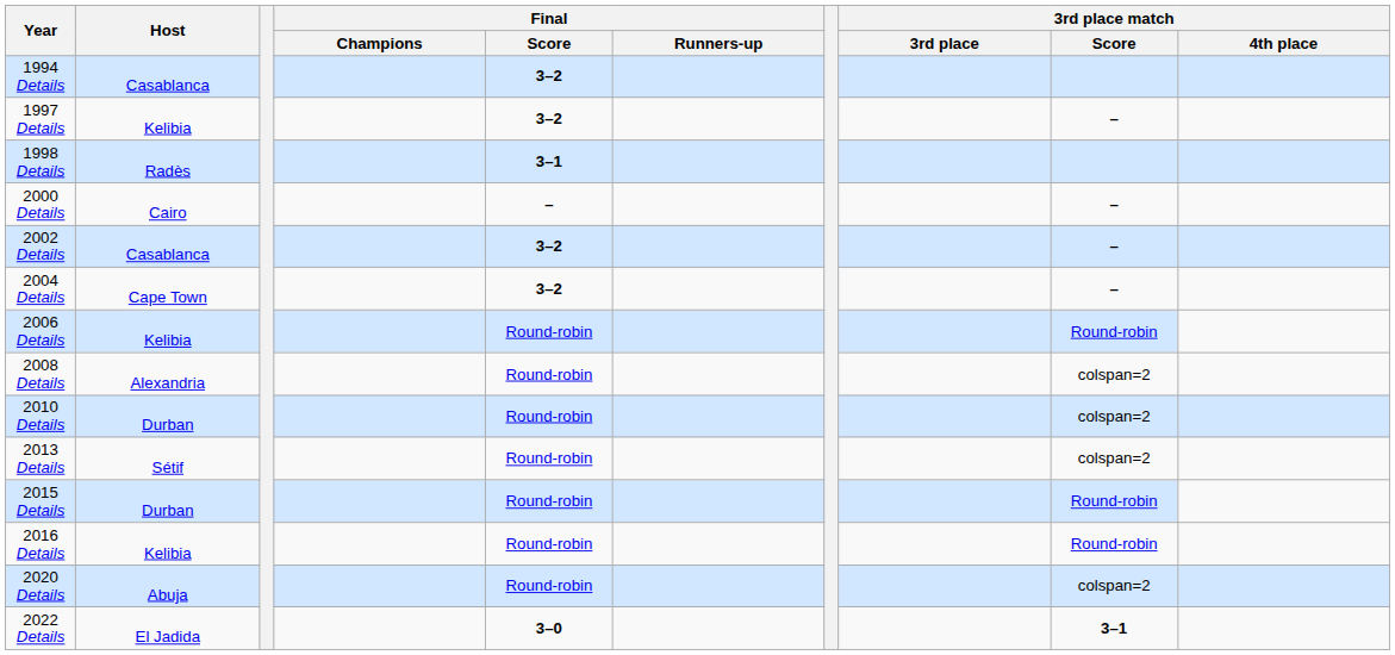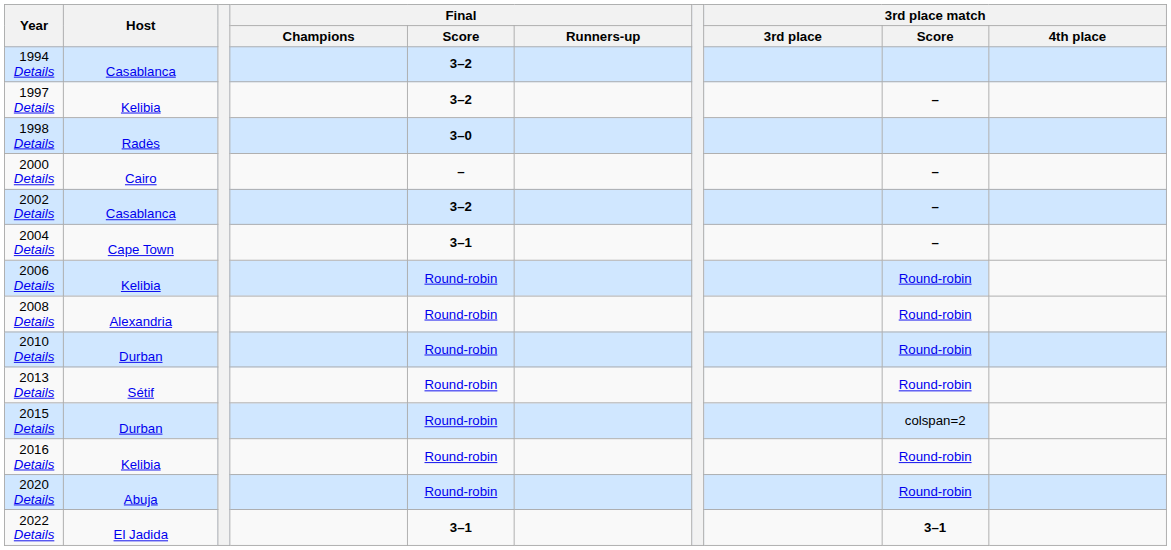 <table class="wikitable" style="font-size:90%; width:100%; text-align:center;">
 <tr bgcolor=#c1d8ff>
 <th rowspan=2 width=5%>Year</th>
 <th rowspan=2 width=13%>Host</th>
 <th width=1% rowspan=16 bgcolor=#ffffff></th>
 <th colspan=3>Final</th>
 <th width=1% rowspan=16 bgcolor=#ffffff></th>
 <th colspan=3>3rd place match</th>
 </tr>
 <tr bgcolor=#efefef>
 <th width=15%>Champions</th>
 <th width=9%>Score</th>
 <th width=15%>Runners-up</th>
 <th width=15%>3rd place</th>
 <th width=9%>Score</th>
 <th width=15%>4th place</th>
 </tr>
 <tr bgcolor=#d0e7ff>
 <td>1994<br><em><a href='#'>Details</a></em></td>
 <td><br><a href='#'>Casablanca</a></td>
 <td><strong></strong></td>
 <td><strong>3–2</strong></td>
 <td></td>
 <td></td>
 <td></td>
 <td></td>
 </tr>
 <tr>
 <td>1997<br><em><a href='#'>Details</a></em></td>
 <td><br><a href='#'>Kelibia</a></td>
 <td><strong></strong></td>
 <td><strong>3–2</strong></td>
 <td></td>
 <td></td>
 <td><strong>–</strong></td>
 <td></td>
 </tr>
 <tr bgcolor=#d0e7ff>
 <td>1998<br><em><a href='#'>Details</a></em></td>
 <td><br><a href='#'>Radès</a></td>
 <td><strong></strong></td>
-<td><strong>3–1</strong></td>
+<td><strong>3–0</strong></td>
 <td></td>
 <td></td>
 <td></td>
 <td></td>
 </tr>
 <tr>
 <td>2000<br><em><a href='#'>Details</a></em></td>
 <td><br><a href='#'>Cairo</a></td>
 <td><strong></strong></td>
 <td><strong>–</strong></td>
 <td></td>
 <td></td>
 <td><strong>–</strong></td>
 <td></td>
 </tr>
 <tr bgcolor=#d0e7ff>
 <td>2002<br><em><a href='#'>Details</a></em></td>
 <td><br><a href='#'>Casablanca</a></td>
 <td><strong></strong></td>
 <td><strong>3–2</strong></td>
 <td></td>
 <td></td>
 <td><strong>–</strong></td>
 <td></td>
 </tr>
 <tr>
 <td>2004<br><em><a href='#'>Details</a></em></td>
 <td><br><a href='#'>Cape Town</a></td>
 <td><strong></strong></td>
-<td><strong>3–2</strong></td>
+<td><strong>3–1</strong></td>
 <td></td>
 <td></td>
 <td><strong>–</strong></td>
 <td></td>
 </tr>
 <tr bgcolor=#d0e7ff>
 <td>2006<br><em><a href='#'>Details</a></em></td>
 <td><br><a href='#'>Kelibia</a></td>
 <td><strong></strong></td>
 <td><a href='#'>Round-robin</a></td>
 <td></td>
 <td></td>
 <td><a href='#'>Round-robin</a></td>
 </tr>
 <tr>
 <td>2008<br><em><a href='#'>Details</a></em></td>
 <td><br><a href='#'>Alexandria</a></td>
 <td><strong></strong></td>
 <td><a href='#'>Round-robin</a></td>
 <td></td>
 <td></td>
-<td>colspan=2 </td>
+<td><a href='#'>Round-robin</a></td>
 <td></td>
 </tr>
 <tr bgcolor=#d0e7ff>
 <td>2010<br><em><a href='#'>Details</a></em></td>
 <td><br><a href='#'>Durban</a></td>
 <td><strong></strong></td>
 <td><a href='#'>Round-robin</a></td>
 <td></td>
 <td></td>
-<td>colspan=2 </td>
+<td><a href='#'>Round-robin</a></td>
 <td></td>
 </tr>
 <tr>
 <td>2013<br><em><a href='#'>Details</a></em></td>
 <td><br><a href='#'>Sétif</a></td>
 <td><strong></strong></td>
 <td><a href='#'>Round-robin</a></td>
 <td></td>
 <td></td>
-<td>colspan=2 </td>
+<td><a href='#'>Round-robin</a></td>
 <td></td>
 </tr>
 <tr bgcolor=#d0e7ff>
 <td>2015<br><em><a href='#'>Details</a></em></td>
 <td><br><a href='#'>Durban</a></td>
 <td><strong></strong></td>
 <td><a href='#'>Round-robin</a></td>
 <td></td>
 <td></td>
-<td><a href='#'>Round-robin</a></td>
+<td>colspan=2 </td>
 </tr>
 <tr>
 <td>2016<br><em><a href='#'>Details</a></em></td>
 <td><br><a href='#'>Kelibia</a></td>
 <td><strong></strong></td>
 <td><a href='#'>Round-robin</a></td>
 <td></td>
 <td></td>
 <td><a href='#'>Round-robin</a></td>
 <td></td>
 </tr>
 <tr bgcolor=#d0e7ff>
 <td>2020<br><em><a href='#'>Details</a></em></td>
 <td><br><a href='#'>Abuja</a></td>
 <td><strong></strong></td>
 <td><a href='#'>Round-robin</a></td>
 <td></td>
 <td></td>
-<td>colspan=2 </td>
+<td><a href='#'>Round-robin</a></td>
 <td></td>
 </tr>
 <tr>
 <td>2022<br><em><a href='#'>Details</a></em></td>
 <td><br><a href='#'>El Jadida</a></td>
 <td><strong></strong></td>
-<td><strong>3–0</strong></td>
+<td><strong>3–1</strong></td>
 <td></td>
 <td></td>
 <td><strong>3–1</strong></td>
 <td></td>
 </tr>
 </table>
